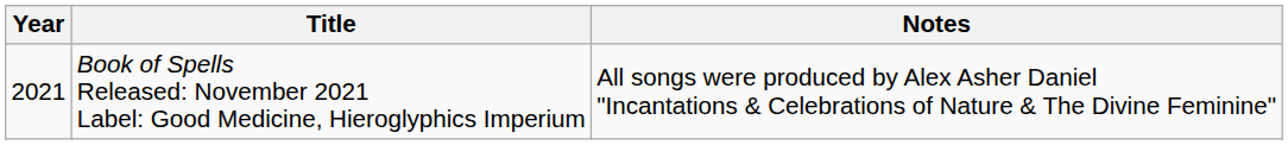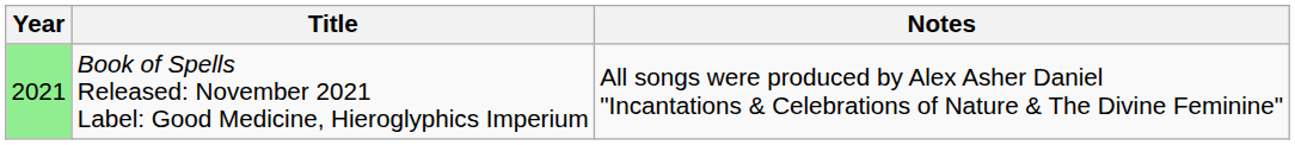 <table class="wikitable">
 <tr>
 <th>Year</th>
 <th>Title</th>
 <th>Notes</th>
 </tr>
 <tr>
-<td>2021</td>
+<td style="background: lightgreen;">2021</td>
 <td><em>Book of Spells</em><br>Released: November 2021<br>Label: Good Medicine, Hieroglyphics Imperium</td>
 <td>All songs were produced by Alex Asher Daniel<br>"Incantations & Celebrations of Nature & The Divine Feminine"</td>
 </tr>
 </table>
